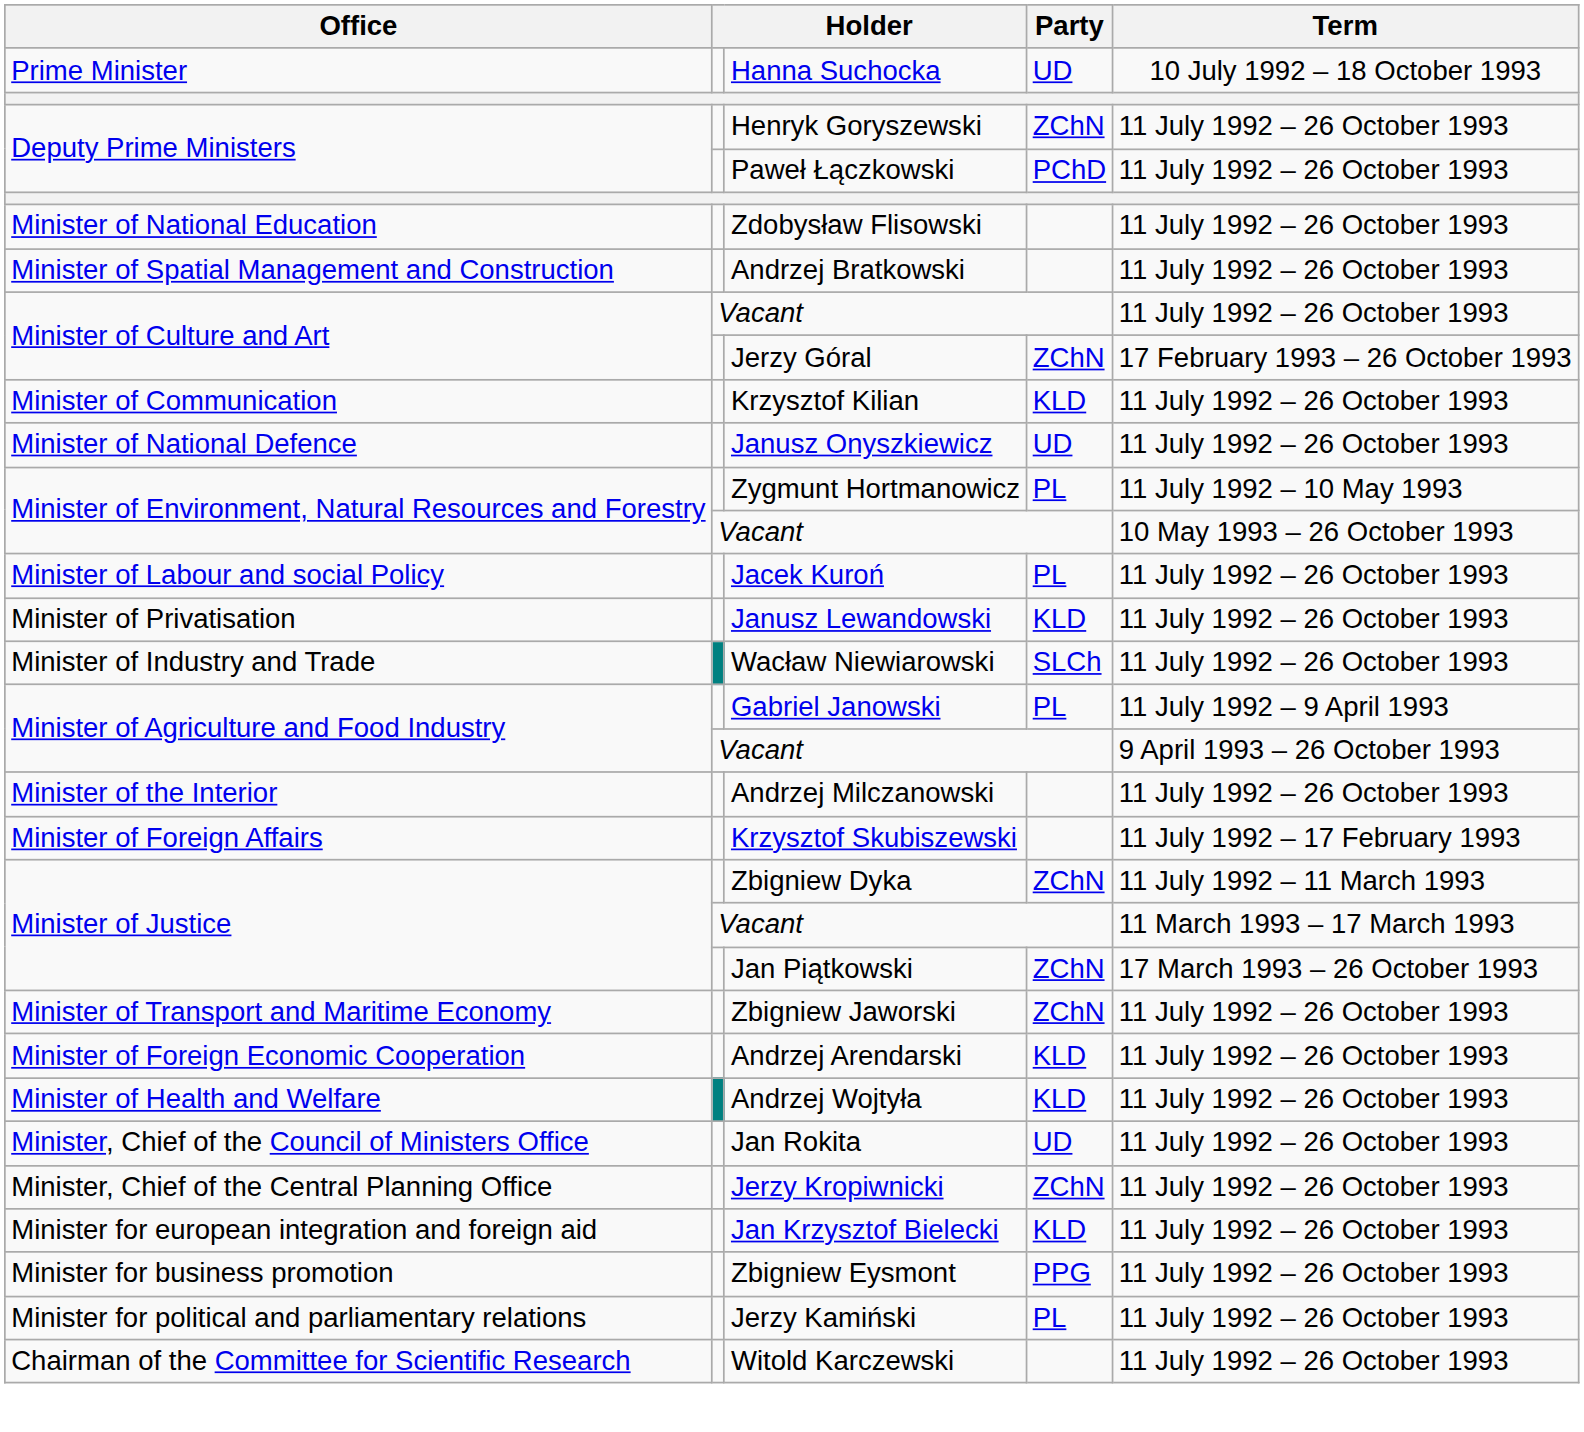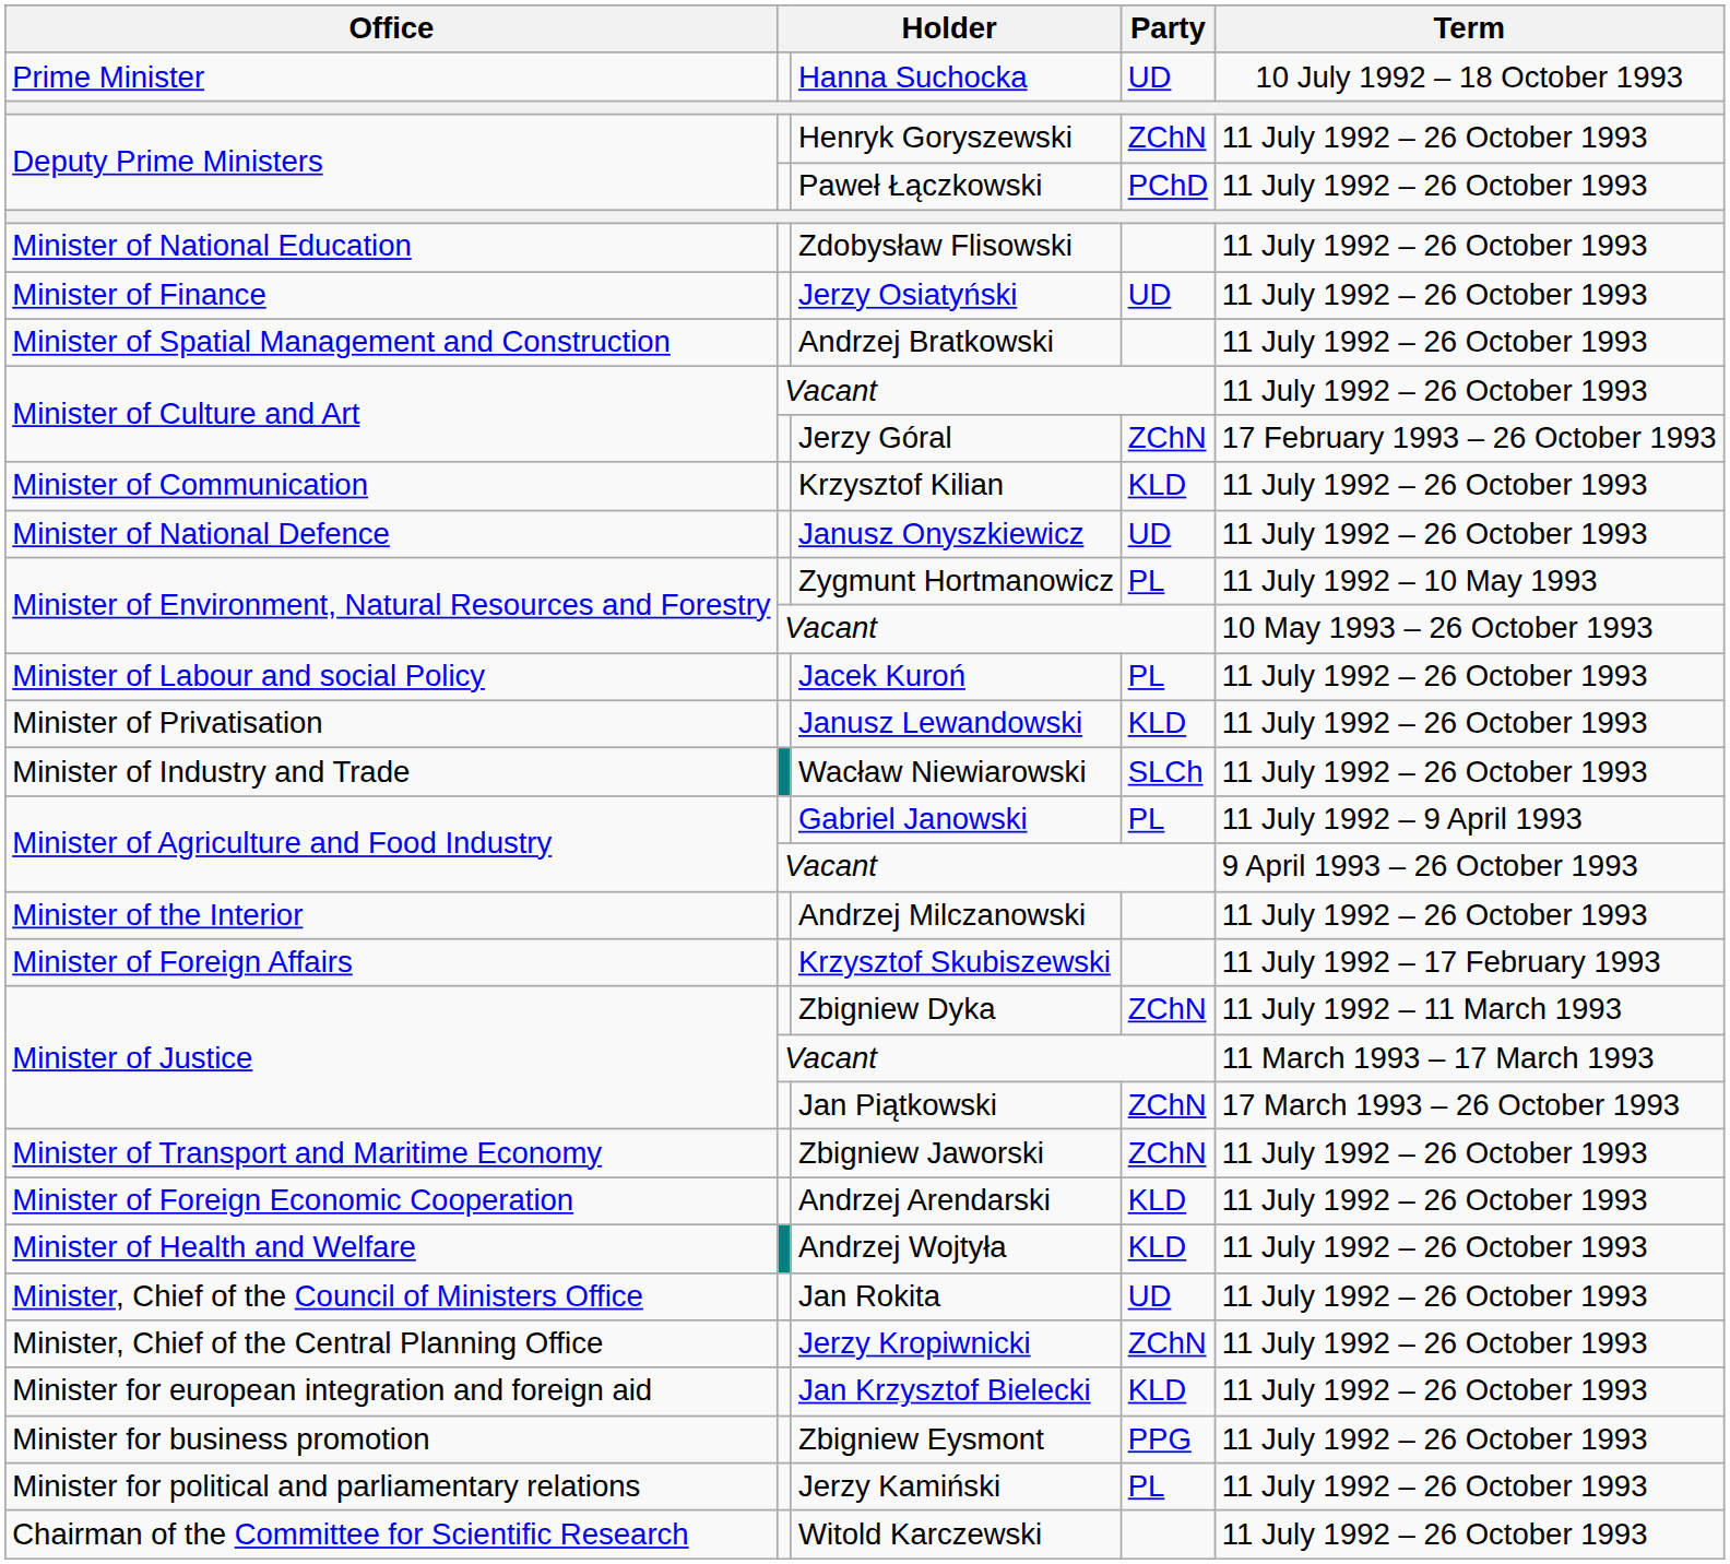 <table class="wikitable">
 <tr>
 <th>Office</th>
 <th colspan="2">Holder</th>
 <th>Party</th>
 <th>Term</th>
 </tr>
 <tr>
 <td><a href='#'>Prime Minister</a></td>
 <td></td>
 <td><a href='#'>Hanna Suchocka</a></td>
 <td><a href='#'>UD</a></td>
 <td style="text-align: center;">10 July 1992 – 18 October 1993</td>
 </tr>
 <tr style="height:">
 <th colspan="5"></th>
 </tr>
 <tr>
 <td rowspan="2"><a href='#'>Deputy Prime Ministers</a></td>
 <td></td>
 <td>Henryk Goryszewski</td>
 <td><a href='#'>ZChN</a></td>
 <td>11 July 1992 – 26 October 1993</td>
 </tr>
 <tr>
 <td></td>
 <td>Paweł Łączkowski</td>
 <td><a href='#'>PChD</a></td>
 <td>11 July 1992 – 26 October 1993</td>
 </tr>
 <tr style="height:">
 <th colspan="5"></th>
 </tr>
 <tr>
 <td><a href='#'>Minister of National Education</a></td>
 <td></td>
 <td>Zdobysław Flisowski</td>
 <td></td>
+<td>11 July 1992 – 26 October 1993</td>
+</tr>
+<tr>
+<td><a href='#'>Minister of Finance</a></td>
+<td></td>
+<td><a href='#'>Jerzy Osiatyński</a></td>
+<td><a href='#'>UD</a></td>
 <td>11 July 1992 – 26 October 1993</td>
 </tr>
 <tr>
 <td><a href='#'>Minister of Spatial Management and Construction</a></td>
 <td></td>
 <td>Andrzej Bratkowski</td>
 <td></td>
 <td>11 July 1992 – 26 October 1993</td>
 </tr>
 <tr>
 <td rowspan="2"><a href='#'>Minister of Culture and Art</a></td>
 <td colspan="3"><em>Vacant</em></td>
 <td>11 July 1992 – 26 October 1993</td>
 </tr>
 <tr>
 <td></td>
 <td>Jerzy Góral</td>
 <td><a href='#'>ZChN</a></td>
 <td>17 February 1993 – 26 October 1993</td>
 </tr>
 <tr>
 <td><a href='#'>Minister of Communication</a></td>
 <td></td>
 <td>Krzysztof Kilian</td>
 <td><a href='#'>KLD</a></td>
 <td>11 July 1992 – 26 October 1993</td>
 </tr>
 <tr>
 <td><a href='#'>Minister of National Defence</a></td>
 <td></td>
 <td><a href='#'>Janusz Onyszkiewicz</a></td>
 <td><a href='#'>UD</a></td>
 <td>11 July 1992 – 26 October 1993</td>
 </tr>
 <tr>
 <td rowspan="2"><a href='#'>Minister of Environment, Natural Resources and Forestry</a></td>
 <td></td>
 <td>Zygmunt Hortmanowicz</td>
 <td><a href='#'>PL</a></td>
 <td>11 July 1992 – 10 May 1993</td>
 </tr>
 <tr>
 <td colspan="3"><em>Vacant</em></td>
 <td>10 May 1993 – 26 October 1993</td>
 </tr>
 <tr>
 <td><a href='#'>Minister of Labour and social Policy</a></td>
 <td></td>
 <td><a href='#'>Jacek Kuroń</a></td>
 <td><a href='#'>PL</a></td>
 <td>11 July 1992 – 26 October 1993</td>
 </tr>
 <tr>
 <td>Minister of Privatisation</td>
 <td></td>
 <td><a href='#'>Janusz Lewandowski</a></td>
 <td><a href='#'>KLD</a></td>
 <td>11 July 1992 – 26 October 1993</td>
 </tr>
 <tr>
 <td>Minister of Industry and Trade</td>
 <td style="background: teal;"></td>
 <td>Wacław Niewiarowski</td>
 <td><a href='#'>SLCh</a></td>
 <td>11 July 1992 – 26 October 1993</td>
 </tr>
 <tr>
 <td rowspan="2"><a href='#'>Minister of Agriculture and Food Industry</a></td>
 <td></td>
 <td><a href='#'>Gabriel Janowski</a></td>
 <td><a href='#'>PL</a></td>
 <td>11 July 1992 – 9 April 1993</td>
 </tr>
 <tr>
 <td colspan="3"><em>Vacant</em></td>
 <td>9 April 1993 – 26 October 1993</td>
 </tr>
 <tr>
 <td><a href='#'>Minister of the Interior</a></td>
 <td></td>
 <td>Andrzej Milczanowski</td>
 <td></td>
 <td>11 July 1992 – 26 October 1993</td>
 </tr>
 <tr>
 <td><a href='#'>Minister of Foreign Affairs</a></td>
 <td></td>
 <td><a href='#'>Krzysztof Skubiszewski</a></td>
 <td></td>
 <td>11 July 1992 – 17 February 1993</td>
 </tr>
 <tr>
 <td rowspan="3"><a href='#'>Minister of Justice</a></td>
 <td></td>
 <td>Zbigniew Dyka</td>
 <td><a href='#'>ZChN</a></td>
 <td>11 July 1992 – 11 March 1993</td>
 </tr>
 <tr>
 <td colspan="3"><em>Vacant</em></td>
 <td>11 March 1993 – 17 March 1993</td>
 </tr>
 <tr>
 <td></td>
 <td>Jan Piątkowski</td>
 <td><a href='#'>ZChN</a></td>
 <td>17 March 1993 – 26 October 1993</td>
 </tr>
 <tr>
 <td><a href='#'>Minister of Transport and Maritime Economy</a></td>
 <td></td>
 <td>Zbigniew Jaworski</td>
 <td><a href='#'>ZChN</a></td>
 <td>11 July 1992 – 26 October 1993</td>
 </tr>
 <tr>
 <td><a href='#'>Minister of Foreign  Economic Cooperation</a></td>
 <td></td>
 <td>Andrzej Arendarski</td>
 <td><a href='#'>KLD</a></td>
 <td>11 July 1992 – 26 October 1993</td>
 </tr>
 <tr>
 <td><a href='#'>Minister of Health and Welfare</a></td>
 <td style="background: teal;"></td>
 <td>Andrzej Wojtyła</td>
 <td><a href='#'>KLD</a></td>
 <td>11 July 1992 – 26 October 1993</td>
 </tr>
 <tr>
 <td><a href='#'>Minister</a>, Chief of the <a href='#'>Council of Ministers Office</a></td>
 <td></td>
 <td>Jan Rokita</td>
 <td><a href='#'>UD</a></td>
 <td>11 July 1992 – 26 October 1993</td>
 </tr>
 <tr>
 <td>Minister, Chief of the Central Planning Office</td>
 <td></td>
 <td><a href='#'>Jerzy Kropiwnicki</a></td>
 <td><a href='#'>ZChN</a></td>
 <td>11 July 1992 – 26 October 1993</td>
 </tr>
 <tr>
 <td>Minister for european integration and foreign aid</td>
 <td></td>
 <td><a href='#'>Jan Krzysztof Bielecki</a></td>
 <td><a href='#'>KLD</a></td>
 <td>11 July 1992 – 26 October 1993</td>
 </tr>
 <tr>
 <td>Minister for business promotion</td>
 <td></td>
 <td>Zbigniew Eysmont</td>
 <td><a href='#'>PPG</a></td>
 <td>11 July 1992 – 26 October 1993</td>
 </tr>
 <tr>
 <td>Minister for political and parliamentary relations</td>
 <td></td>
 <td>Jerzy Kamiński</td>
 <td><a href='#'>PL</a></td>
 <td>11 July 1992 – 26 October 1993</td>
 </tr>
 <tr>
 <td>Chairman of the <a href='#'>Committee for Scientific Research</a></td>
 <td></td>
 <td>Witold Karczewski</td>
 <td></td>
 <td>11 July 1992 – 26 October 1993</td>
 </tr>
 </table>
